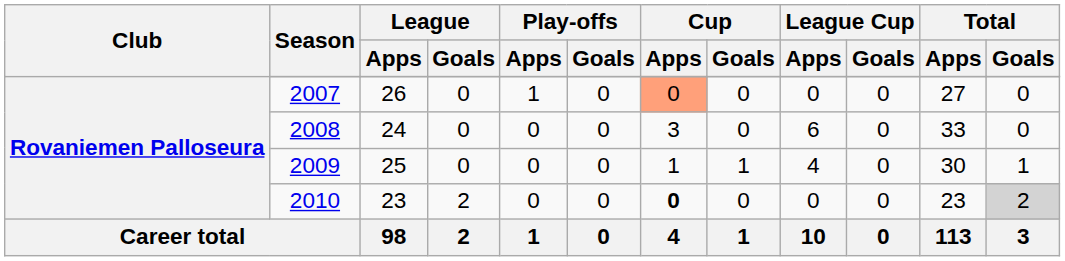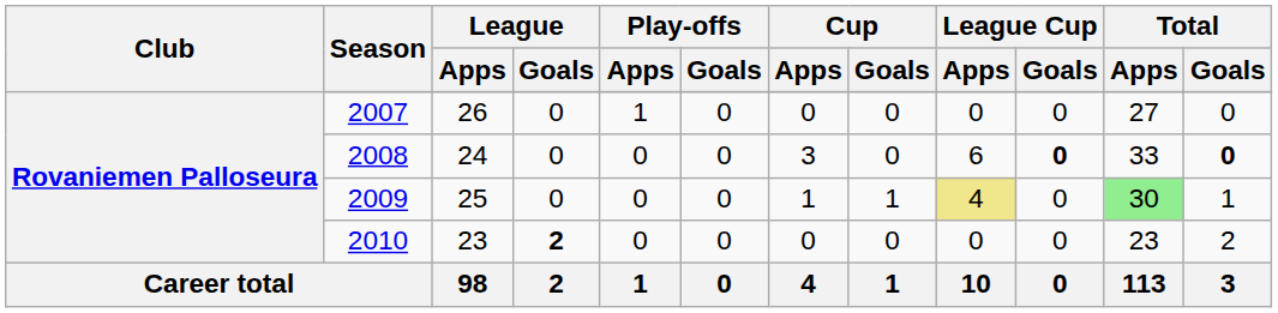 <table class="wikitable">
 <tr>
 <th rowspan=2>Club</th>
 <th rowspan=2>Season</th>
 <th colspan=2>League</th>
 <th colspan=2>Play-offs</th>
 <th colspan=2>Cup</th>
 <th colspan=2>League Cup</th>
 <th colspan=2>Total</th>
 </tr>
 <tr>
 <th>Apps</th>
 <th>Goals</th>
 <th>Apps</th>
 <th>Goals</th>
 <th>Apps</th>
 <th>Goals</th>
 <th>Apps</th>
 <th>Goals</th>
 <th>Apps</th>
 <th>Goals</th>
 </tr>
 <tr style="text-align: center">
 <th rowspan=5><a href='#'>Rovaniemen Palloseura</a></th>
 </tr>
 <tr style="text-align: center">
 <td><a href='#'>2007</a></td>
 <td>26</td>
 <td>0</td>
 <td>1</td>
 <td>0</td>
-<td style="background: lightsalmon;">0</td>
+<td>0</td>
 <td>0</td>
 <td>0</td>
 <td>0</td>
 <td>27</td>
 <td>0</td>
 </tr>
 <tr style="text-align: center">
 <td><a href='#'>2008</a></td>
 <td>24</td>
 <td>0</td>
 <td>0</td>
 <td>0</td>
 <td>3</td>
 <td>0</td>
 <td>6</td>
-<td>0</td>
+<td><strong>0</strong></td>
 <td>33</td>
-<td>0</td>
+<td><strong>0</strong></td>
 </tr>
 <tr style="text-align: center">
 <td><a href='#'>2009</a></td>
 <td>25</td>
 <td>0</td>
 <td>0</td>
 <td>0</td>
 <td>1</td>
 <td>1</td>
-<td>4</td>
+<td style="background: khaki;">4</td>
 <td>0</td>
-<td>30</td>
+<td style="background: lightgreen;">30</td>
 <td>1</td>
 </tr>
 <tr style="text-align: center">
 <td><a href='#'>2010</a></td>
 <td>23</td>
-<td>2</td>
+<td><strong>2</strong></td>
 <td>0</td>
 <td>0</td>
-<td><strong>0</strong></td>
+<td>0</td>
 <td>0</td>
 <td>0</td>
 <td>0</td>
 <td>23</td>
-<td style="background: lightgrey;">2</td>
+<td>2</td>
 </tr>
 <tr style="text-align: center">
 <th colspan=2>Career total</th>
 <th>98</th>
 <th>2</th>
 <th>1</th>
 <th>0</th>
 <th>4</th>
 <th>1</th>
 <th>10</th>
 <th>0</th>
 <th>113</th>
 <th>3</th>
 </tr>
 </table>
